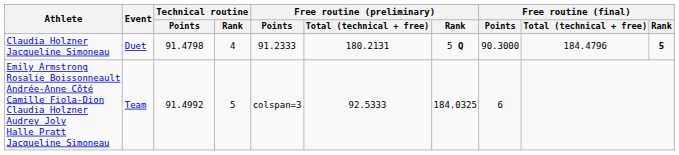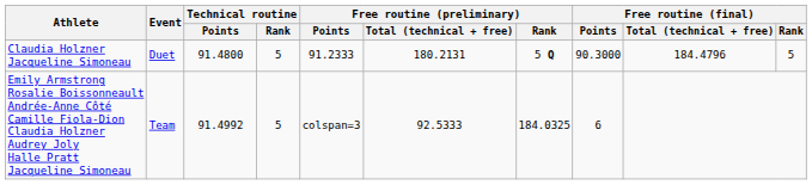 <table class=wikitable style=font-size:90%;text-align:center>
 <tr>
 <th rowspan=2>Athlete</th>
 <th rowspan=2>Event</th>
 <th colspan=2>Technical routine</th>
 <th colspan=3>Free routine (preliminary)</th>
 <th colspan=3>Free routine (final)</th>
 </tr>
 <tr style="font-size:95%">
 <th>Points</th>
 <th>Rank</th>
 <th>Points</th>
 <th>Total (technical + free)</th>
 <th>Rank</th>
 <th>Points</th>
 <th>Total (technical + free)</th>
 <th>Rank</th>
 </tr>
 <tr align=center>
 <td align=left><a href='#'>Claudia Holzner</a><br><a href='#'>Jacqueline Simoneau</a></td>
 <td align=left><a href='#'>Duet</a></td>
-<td>91.4798</td>
-<td>4</td>
+<td>91.4800</td>
+<td>5</td>
 <td>91.2333</td>
 <td>180.2131</td>
 <td>5 <strong>Q</strong></td>
 <td>90.3000</td>
 <td>184.4796</td>
-<td><strong>5</strong></td>
+<td>5</td>
 </tr>
 <tr>
 <td align=left><a href='#'>Emily Armstrong</a><br><a href='#'>Rosalie Boissonneault</a><br><a href='#'>Andrée-Anne Côté</a><br><a href='#'>Camille Fiola-Dion</a><br><a href='#'>Claudia Holzner</a><br><a href='#'>Audrey Joly</a><br><a href='#'>Halle Pratt</a><br><a href='#'>Jacqueline Simoneau</a></td>
 <td align=left><a href='#'>Team</a></td>
 <td>91.4992</td>
 <td>5</td>
 <td>colspan=3 </td>
 <td>92.5333</td>
 <td>184.0325</td>
 <td>6</td>
 </tr>
 </table>
